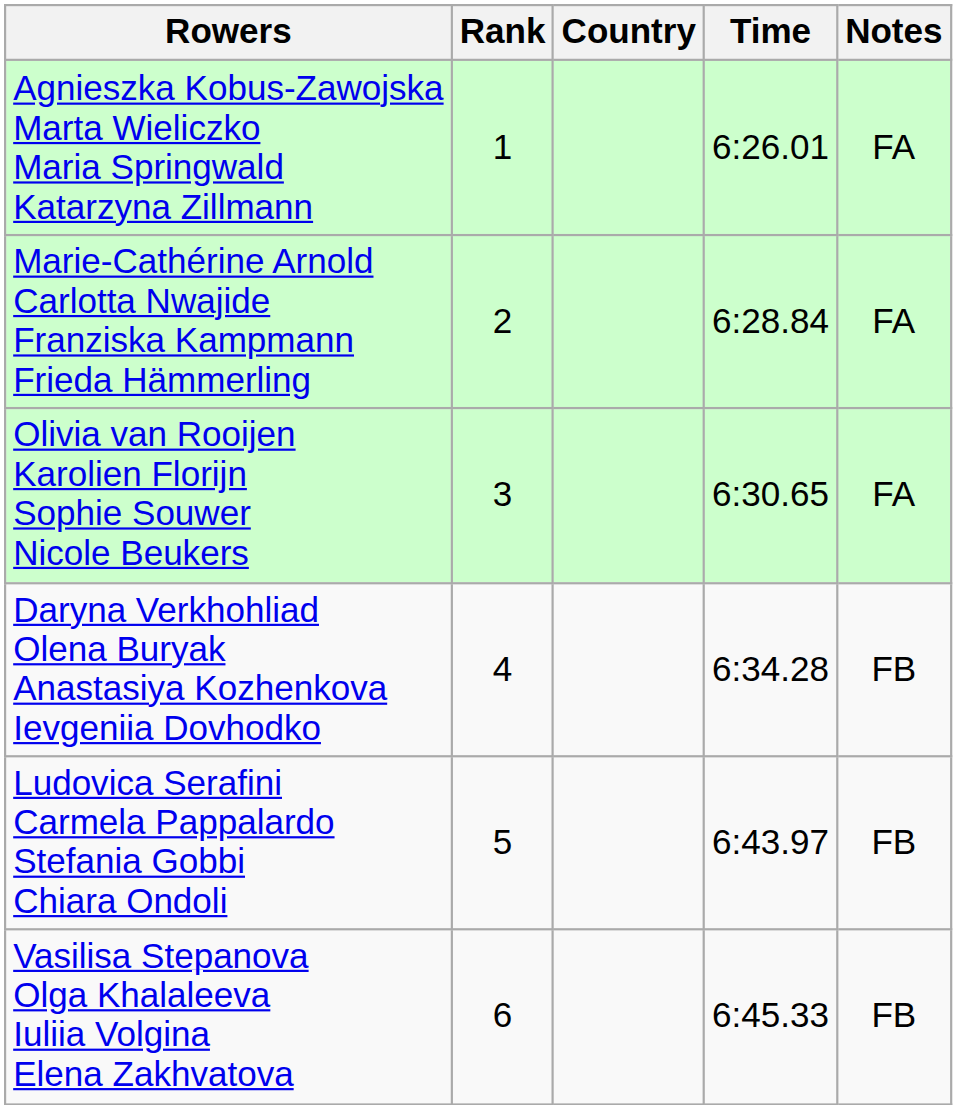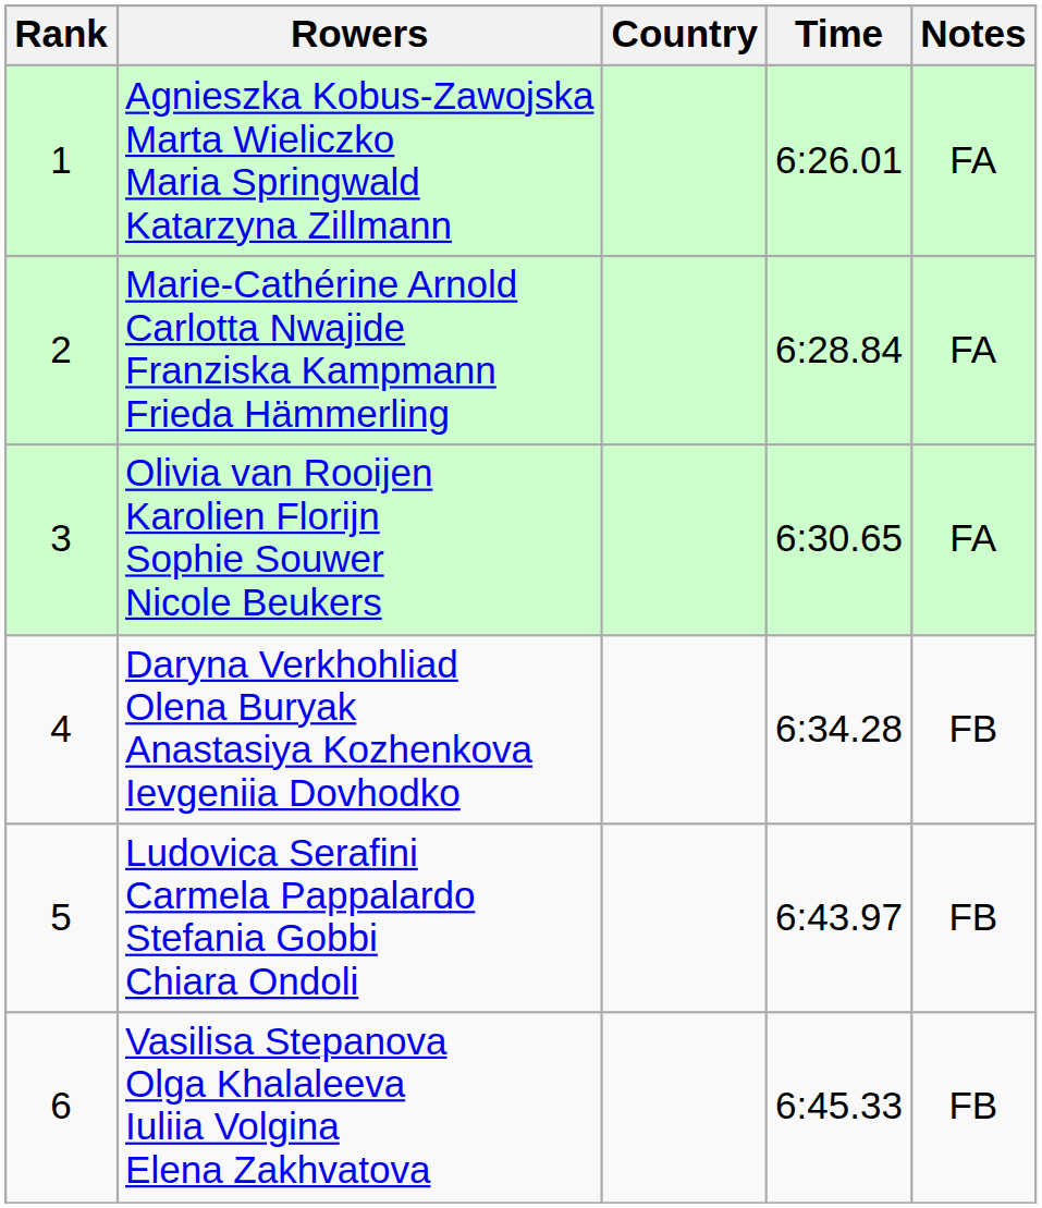 <table class="wikitable" style="text-align:center">
 <tr>
+<th>Rank</th>
 <th>Rowers</th>
-<th>Rank</th>
 <th>Country</th>
 <th>Time</th>
 <th>Notes</th>
 </tr>
 <tr bgcolor=ccffcc>
+<td>1</td>
 <td align="left"><a href='#'>Agnieszka Kobus-Zawojska</a><br><a href='#'>Marta Wieliczko</a><br><a href='#'>Maria Springwald</a><br><a href='#'>Katarzyna Zillmann</a></td>
-<td>1</td>
 <td align="left"></td>
 <td>6:26.01</td>
 <td>FA</td>
 </tr>
 <tr bgcolor=ccffcc>
+<td>2</td>
 <td align="left"><a href='#'>Marie-Cathérine Arnold</a><br><a href='#'>Carlotta Nwajide</a><br><a href='#'>Franziska Kampmann</a><br><a href='#'>Frieda Hämmerling</a></td>
-<td>2</td>
 <td align="left"></td>
 <td>6:28.84</td>
 <td>FA</td>
 </tr>
 <tr bgcolor=ccffcc>
+<td>3</td>
 <td align="left"><a href='#'>Olivia van Rooijen</a><br><a href='#'>Karolien Florijn</a><br><a href='#'>Sophie Souwer</a><br><a href='#'>Nicole Beukers</a></td>
-<td>3</td>
 <td align="left"></td>
 <td>6:30.65</td>
 <td>FA</td>
 </tr>
 <tr>
+<td>4</td>
 <td align="left"><a href='#'>Daryna Verkhohliad</a><br><a href='#'>Olena Buryak</a><br><a href='#'>Anastasiya Kozhenkova</a><br><a href='#'>Ievgeniia Dovhodko</a></td>
-<td>4</td>
 <td align="left"></td>
 <td>6:34.28</td>
 <td>FB</td>
 </tr>
 <tr>
+<td>5</td>
 <td align="left"><a href='#'>Ludovica Serafini</a><br><a href='#'>Carmela Pappalardo</a><br><a href='#'>Stefania Gobbi</a><br><a href='#'>Chiara Ondoli</a></td>
-<td>5</td>
 <td align="left"></td>
 <td>6:43.97</td>
 <td>FB</td>
 </tr>
 <tr>
+<td>6</td>
 <td align="left"><a href='#'>Vasilisa Stepanova</a><br><a href='#'>Olga Khalaleeva</a><br><a href='#'>Iuliia Volgina</a><br><a href='#'>Elena Zakhvatova</a></td>
-<td>6</td>
 <td align="left"></td>
 <td>6:45.33</td>
 <td>FB</td>
 </tr>
 </table>
